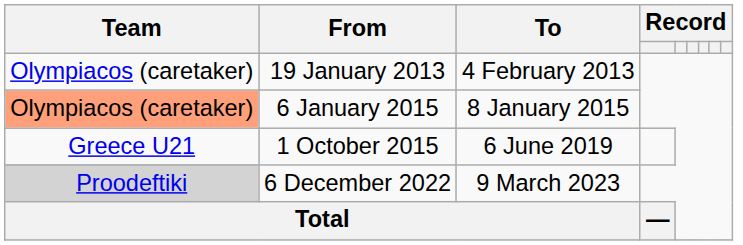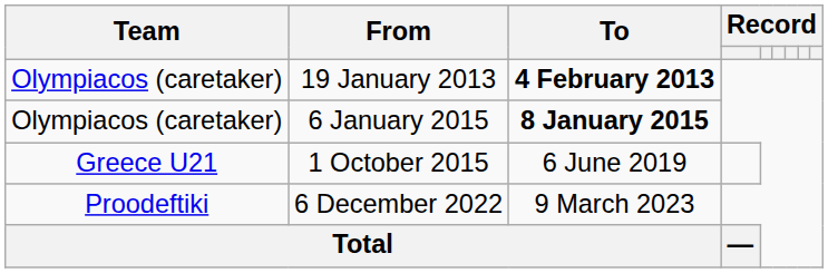 <table class="wikitable" style="text-align: center">
 <tr>
 <th rowspan="2">Team</th>
 <th rowspan="2">From</th>
 <th rowspan="2">To</th>
 <th colspan="9">Record</th>
 </tr>
 <tr>
 <th></th>
 <th></th>
 <th></th>
 <th></th>
 <th></th>
 <th></th>
 </tr>
 <tr>
 <td><a href='#'>Olympiacos</a> (caretaker)</td>
 <td>19 January 2013</td>
-<td>4 February 2013<br></td>
+<td><strong>4 February 2013<br></strong></td>
 </tr>
 <tr>
-<td style="background: lightsalmon;">Olympiacos (caretaker)</td>
+<td>Olympiacos (caretaker)</td>
 <td>6 January 2015</td>
-<td>8 January 2015<br></td>
+<td><strong>8 January 2015<br></strong></td>
 </tr>
 <tr>
 <td><a href='#'>Greece U21</a></td>
 <td>1 October 2015</td>
 <td>6 June 2019<br></td>
 <td></td>
 </tr>
 <tr>
-<td style="background: lightgrey;"><a href='#'>Proodeftiki</a></td>
+<td><a href='#'>Proodeftiki</a></td>
 <td>6 December 2022</td>
 <td>9 March 2023<br></td>
 </tr>
 <tr>
 <th colspan=3>Total<br></th>
 <th>—</th>
 </tr>
 </table>
